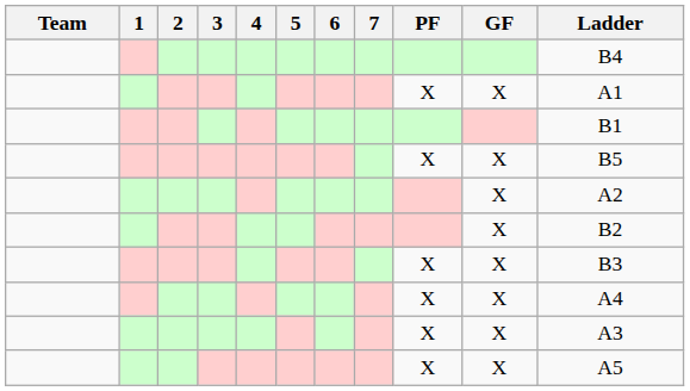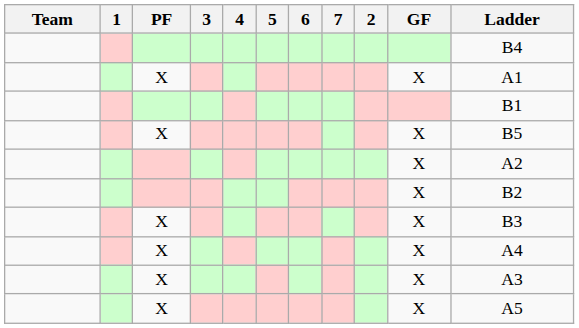 <table class="wikitable sortable" style="font-size:85%; text-align:center; width:50%">
 <tr valign="top">
 <th valign="middle">Team</th>
 <th>1</th>
-<th>2</th>
+<th>PF</th>
 <th>3</th>
 <th>4</th>
 <th>5</th>
 <th>6</th>
 <th>7</th>
-<th>PF</th>
+<th>2</th>
 <th>GF</th>
 <th valign="middle">Ladder</th>
 </tr>
 <tr>
 <td align="left"></td>
 <td style="background:#FFCFCF;"></td>
 <td style="background:#cfc;"></td>
 <td style="background:#cfc;"></td>
 <td style="background:#cfc;"></td>
 <td style="background:#cfc;"></td>
 <td style="background:#cfc;"></td>
 <td style="background:#cfc;"></td>
 <td style="background:#cfc;"></td>
 <td style="background:#cfc;"></td>
 <td>B4</td>
 </tr>
 <tr>
 <td align="left"></td>
 <td style="background:#cfc;"></td>
-<td style="background:#FFCFCF;"></td>
+<td>X</td>
 <td style="background:#FFCFCF;"></td>
 <td style="background:#cfc;"></td>
 <td style="background:#FFCFCF;"></td>
 <td style="background:#FFCFCF;"></td>
 <td style="background:#FFCFCF;"></td>
-<td>X</td>
+<td style="background:#FFCFCF;"></td>
 <td>X</td>
 <td>A1</td>
 </tr>
 <tr>
 <td align="left"></td>
 <td style="background:#FFCFCF;"></td>
+<td style="background:#cfc;"></td>
+<td style="background:#cfc;"></td>
+<td style="background:#FFCFCF;"></td>
+<td style="background:#cfc;"></td>
+<td style="background:#cfc;"></td>
+<td style="background:#cfc;"></td>
+<td style="background:#FFCFCF;"></td>
+<td style="background:#FFCFCF;"></td>
+<td>B1</td>
+</tr>
+<tr>
+<td align="left"></td>
+<td style="background:#FFCFCF;"></td>
+<td>X</td>
+<td style="background:#FFCFCF;"></td>
+<td style="background:#FFCFCF;"></td>
+<td style="background:#FFCFCF;"></td>
+<td style="background:#FFCFCF;"></td>
+<td style="background:#cfc;"></td>
+<td style="background:#FFCFCF;"></td>
+<td>X</td>
+<td>B5</td>
+</tr>
+<tr>
+<td align="left"></td>
+<td style="background:#cfc;"></td>
 <td style="background:#FFCFCF;"></td>
 <td style="background:#cfc;"></td>
 <td style="background:#FFCFCF;"></td>
 <td style="background:#cfc;"></td>
 <td style="background:#cfc;"></td>
 <td style="background:#cfc;"></td>
 <td style="background:#cfc;"></td>
-<td style="background:#FFCFCF;"></td>
-<td>B1</td>
-</tr>
-<tr>
-<td align="left"></td>
-<td style="background:#FFCFCF;"></td>
-<td style="background:#FFCFCF;"></td>
-<td style="background:#FFCFCF;"></td>
-<td style="background:#FFCFCF;"></td>
-<td style="background:#FFCFCF;"></td>
-<td style="background:#FFCFCF;"></td>
-<td style="background:#cfc;"></td>
-<td>X</td>
-<td>X</td>
-<td>B5</td>
-</tr>
-<tr>
-<td align="left"></td>
-<td style="background:#cfc;"></td>
-<td style="background:#cfc;"></td>
-<td style="background:#cfc;"></td>
-<td style="background:#FFCFCF;"></td>
-<td style="background:#cfc;"></td>
-<td style="background:#cfc;"></td>
-<td style="background:#cfc;"></td>
-<td style="background:#FFCFCF;"></td>
 <td>X</td>
 <td>A2</td>
 </tr>
 <tr>
 <td align="left"></td>
 <td style="background:#cfc;"></td>
 <td style="background:#FFCFCF;"></td>
 <td style="background:#FFCFCF;"></td>
 <td style="background:#cfc;"></td>
 <td style="background:#cfc;"></td>
 <td style="background:#FFCFCF;"></td>
 <td style="background:#FFCFCF;"></td>
 <td style="background:#FFCFCF;"></td>
 <td>X</td>
 <td>B2</td>
 </tr>
 <tr>
 <td align="left"></td>
 <td style="background:#FFCFCF;"></td>
-<td style="background:#FFCFCF;"></td>
+<td>X</td>
 <td style="background:#FFCFCF;"></td>
 <td style="background:#cfc;"></td>
 <td style="background:#FFCFCF;"></td>
 <td style="background:#FFCFCF;"></td>
 <td style="background:#cfc;"></td>
-<td>X</td>
+<td style="background:#FFCFCF;"></td>
 <td>X</td>
 <td>B3</td>
 </tr>
 <tr>
 <td align="left"></td>
 <td style="background:#FFCFCF;"></td>
-<td style="background:#cfc;"></td>
+<td>X</td>
 <td style="background:#cfc;"></td>
 <td style="background:#FFCFCF;"></td>
 <td style="background:#cfc;"></td>
 <td style="background:#cfc;"></td>
 <td style="background:#FFCFCF;"></td>
-<td>X</td>
+<td style="background:#cfc;"></td>
 <td>X</td>
 <td>A4</td>
 </tr>
 <tr>
 <td align="left"></td>
 <td style="background:#cfc;"></td>
-<td style="background:#cfc;"></td>
+<td>X</td>
 <td style="background:#cfc;"></td>
 <td style="background:#cfc;"></td>
 <td style="background:#FFCFCF;"></td>
 <td style="background:#cfc;"></td>
 <td style="background:#FFCFCF;"></td>
-<td>X</td>
+<td style="background:#cfc;"></td>
 <td>X</td>
 <td>A3</td>
 </tr>
 <tr>
 <td align="left"></td>
 <td style="background:#cfc;"></td>
-<td style="background:#cfc;"></td>
+<td>X</td>
 <td style="background:#FFCFCF;"></td>
 <td style="background:#FFCFCF;"></td>
 <td style="background:#FFCFCF;"></td>
 <td style="background:#FFCFCF;"></td>
 <td style="background:#FFCFCF;"></td>
-<td>X</td>
+<td style="background:#cfc;"></td>
 <td>X</td>
 <td>A5</td>
 </tr>
 </table>
